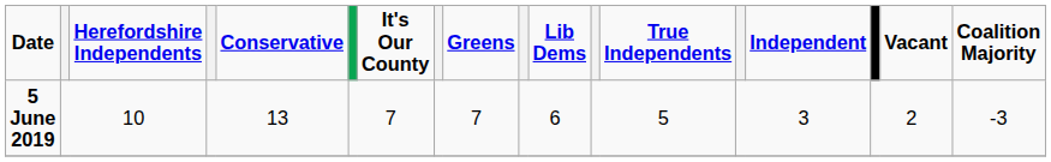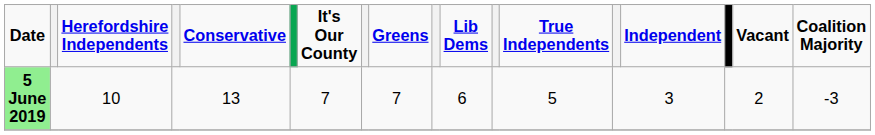 <table class="wikitable" border="1" style="text-align:left; padding-left:1em">
 <tr>
 <td width=125 align="center"><strong>Date</strong></td>
 <th style="background-color: "></th>
 <td width=100 align="center"><strong><a href='#'>Herefordshire Independents</a></strong></td>
 <th style="background-color: "></th>
 <td width=100 align="center"><strong><a href='#'>Conservative</a></strong></td>
 <th style="background-color: #08A651; width: 3px;"></th>
 <td width=100 align="center"><strong>It's Our County</strong></td>
 <th style="background-color: "></th>
 <td width=100 align="center"><strong><a href='#'>Greens</a></strong></td>
 <th style="background-color: "></th>
 <td width=100 align="center"><strong><a href='#'>Lib Dems</a></strong></td>
 <th style="background-color: "></th>
 <td width=100 align="center"><strong><a href='#'>True Independents</a></strong></td>
 <th style="background-color: "></th>
 <td width=100 align="center"><strong><a href='#'>Independent</a></strong></td>
 <th style="background-color: #000000; width: 3px;"></th>
 <td width=100 align="center"><strong>Vacant</strong></td>
 <td width=125 align="center"><strong>Coalition Majority</strong></td>
 </tr>
 <tr>
-<td align="center"><strong>5 June 2019</strong></td>
+<td align="center" style="background: lightgreen;"><strong>5 June 2019</strong></td>
 <td colspan="2" align="center">10</td>
 <td colspan="2" align="center">13</td>
 <td colspan="2" align="center">7</td>
 <td colspan="2" align="center">7</td>
 <td colspan="2" align="center">6</td>
 <td colspan="2" align="center">5</td>
 <td colspan="2" align="center">3</td>
 <td colspan="2" align="center">2</td>
 <td colspan="2" align="center">-3</td>
 </tr>
 <tr>
 </tr>
 </table>
